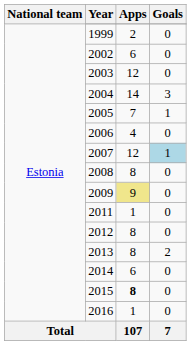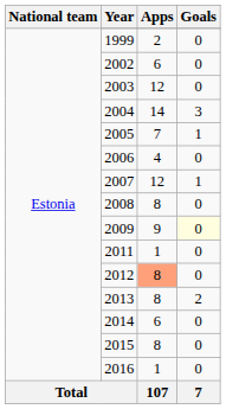 <table class="wikitable" style="text-align:center">
 <tr>
 <th>National team</th>
 <th>Year</th>
 <th>Apps</th>
 <th>Goals</th>
 </tr>
 <tr>
 <td rowspan="16"><a href='#'>Estonia</a></td>
 </tr>
 <tr>
 <td>1999</td>
 <td>2</td>
 <td>0</td>
 </tr>
 <tr>
 <td>2002</td>
 <td>6</td>
 <td>0</td>
 </tr>
 <tr>
 <td>2003</td>
 <td>12</td>
 <td>0</td>
 </tr>
 <tr>
 <td>2004</td>
 <td>14</td>
 <td>3</td>
 </tr>
 <tr>
 <td>2005</td>
 <td>7</td>
 <td>1</td>
 </tr>
 <tr>
 <td>2006</td>
 <td>4</td>
 <td>0</td>
 </tr>
 <tr>
 <td>2007</td>
 <td>12</td>
-<td style="background: lightblue;">1</td>
+<td>1</td>
 </tr>
 <tr>
 <td>2008</td>
 <td>8</td>
 <td>0</td>
 </tr>
 <tr>
 <td>2009</td>
-<td style="background: khaki;">9</td>
-<td>0</td>
+<td>9</td>
+<td style="background: lightyellow;">0</td>
 </tr>
 <tr>
 <td>2011</td>
 <td>1</td>
 <td>0</td>
 </tr>
 <tr>
 <td>2012</td>
-<td>8</td>
+<td style="background: lightsalmon;">8</td>
 <td>0</td>
 </tr>
 <tr>
 <td>2013</td>
 <td>8</td>
 <td>2</td>
 </tr>
 <tr>
 <td>2014</td>
 <td>6</td>
 <td>0</td>
 </tr>
 <tr>
 <td>2015</td>
-<td><strong>8</strong></td>
+<td>8</td>
 <td>0</td>
 </tr>
 <tr>
 <td>2016</td>
 <td>1</td>
 <td>0</td>
 </tr>
 <tr>
 <th colspan="2">Total</th>
 <th>107</th>
 <th>7</th>
 </tr>
 </table>
